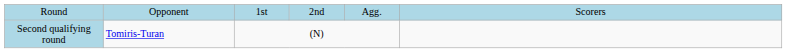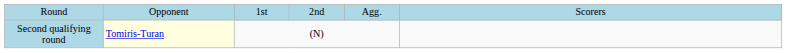 <table class="wikitable" style="text-align:center">
 <tr bgcolor=lightblue>
 <td width=150px>Round</td>
 <td width=200px>Opponent</td>
 <td width=80px>1st</td>
 <td width=80px>2nd</td>
 <td width=80px>Agg.</td>
 <td width=600px>Scorers</td>
 </tr>
 <tr>
 <td bgcolor=lightblue>Second qualifying round</td>
-<td align=left> <a href='#'>Tomiris-Turan</a></td>
+<td align=left style="background: lightyellow;"> <a href='#'>Tomiris-Turan</a></td>
 <td colspan=3>(N)</td>
 <td></td>
 </tr>
 </table>
